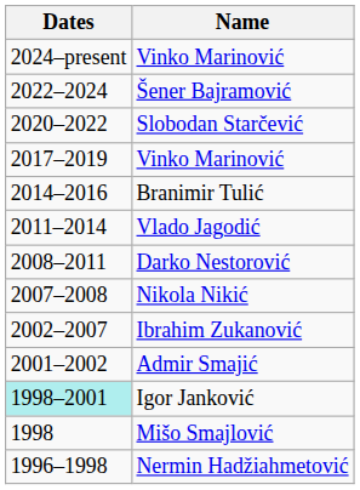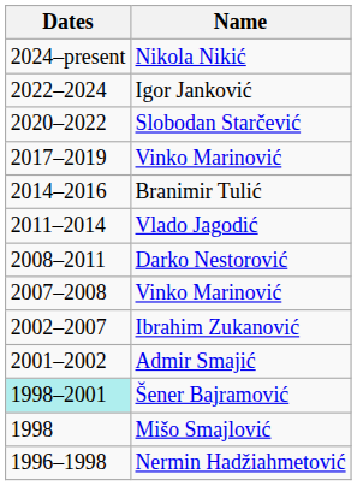 <table class=wikitable>
 <tr>
 <th>Dates</th>
 <th>Name</th>
 </tr>
 <tr>
 <td>2024–present</td>
-<td> <a href='#'>Vinko Marinović</a></td>
+<td> <a href='#'>Nikola Nikić</a></td>
 </tr>
 <tr>
 <td>2022–2024</td>
-<td> <a href='#'>Šener Bajramović</a></td>
+<td> Igor Janković</td>
 </tr>
 <tr>
 <td>2020–2022</td>
 <td> <a href='#'>Slobodan Starčević</a></td>
 </tr>
 <tr>
 <td>2017–2019</td>
 <td> <a href='#'>Vinko Marinović</a></td>
 </tr>
 <tr>
 <td>2014–2016</td>
 <td> Branimir Tulić</td>
 </tr>
 <tr>
 <td>2011–2014</td>
 <td> <a href='#'>Vlado Jagodić</a></td>
 </tr>
 <tr>
 <td>2008–2011</td>
 <td> <a href='#'>Darko Nestorović</a></td>
 </tr>
 <tr>
 <td>2007–2008</td>
-<td> <a href='#'>Nikola Nikić</a></td>
+<td> <a href='#'>Vinko Marinović</a></td>
 </tr>
 <tr>
 <td>2002–2007</td>
 <td> <a href='#'>Ibrahim Zukanović</a></td>
 </tr>
 <tr>
 <td>2001–2002</td>
 <td> <a href='#'>Admir Smajić</a></td>
 </tr>
 <tr>
 <td style="background: paleturquoise;">1998–2001</td>
-<td> Igor Janković</td>
+<td> <a href='#'>Šener Bajramović</a></td>
 </tr>
 <tr>
 <td>1998</td>
 <td> <a href='#'>Mišo Smajlović</a></td>
 </tr>
 <tr>
 <td>1996–1998</td>
 <td> <a href='#'>Nermin Hadžiahmetović</a></td>
 </tr>
 </table>
